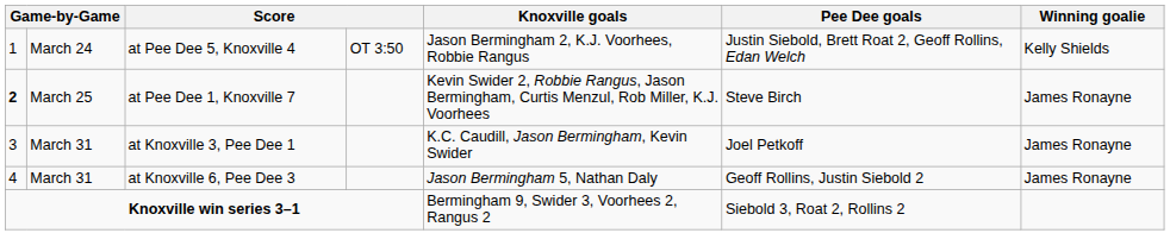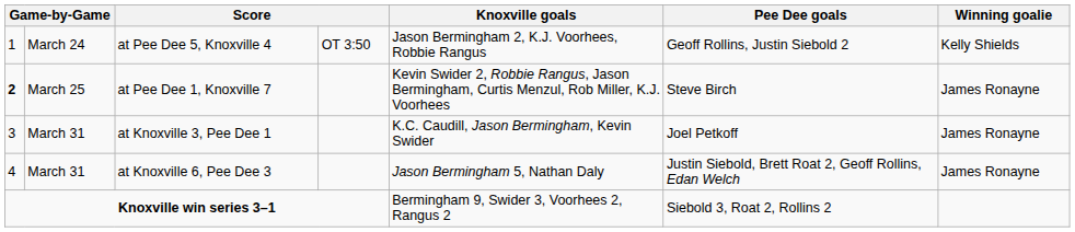 <table class="wikitable">
 <tr>
 <th width=10% colspan=2>Game-by-Game</th>
 <th width=25% colspan=2>Score</th>
 <th width=25%>Knoxville goals</th>
 <th width=25%>Pee Dee goals</th>
 <th width=12%>Winning goalie</th>
 </tr>
 <tr>
 <td>1</td>
 <td>March 24</td>
 <td>at Pee Dee 5, Knoxville 4</td>
 <td>OT 3:50</td>
 <td>Jason Bermingham 2, K.J. Voorhees, Robbie Rangus</td>
-<td>Justin Siebold, Brett Roat 2, Geoff Rollins, <em>Edan Welch</em></td>
+<td>Geoff Rollins, Justin Siebold 2</td>
 <td>Kelly Shields</td>
 </tr>
 <tr>
 <td><strong>2</strong></td>
 <td>March 25</td>
 <td>at Pee Dee 1, Knoxville 7</td>
 <td></td>
 <td>Kevin Swider 2, <em>Robbie Rangus</em>, Jason Bermingham, Curtis Menzul, Rob Miller, K.J. Voorhees</td>
 <td>Steve Birch</td>
 <td>James Ronayne</td>
 </tr>
 <tr>
 <td>3</td>
 <td>March 31</td>
 <td>at Knoxville 3, Pee Dee 1</td>
 <td></td>
 <td>K.C. Caudill, <em>Jason Bermingham</em>, Kevin Swider</td>
 <td>Joel Petkoff</td>
 <td>James Ronayne</td>
 </tr>
 <tr>
 <td>4</td>
 <td>March 31</td>
 <td>at Knoxville 6, Pee Dee 3</td>
 <td></td>
 <td><em>Jason Bermingham</em> 5, Nathan Daly</td>
-<td>Geoff Rollins, Justin Siebold 2</td>
+<td>Justin Siebold, Brett Roat 2, Geoff Rollins, <em>Edan Welch</em></td>
 <td>James Ronayne</td>
 </tr>
 <tr>
 <td colspan=4 align="center"><strong>Knoxville win series 3–1</strong></td>
 <td>Bermingham 9, Swider 3, Voorhees 2, Rangus 2</td>
 <td>Siebold 3, Roat 2, Rollins 2</td>
 </tr>
 </table>
